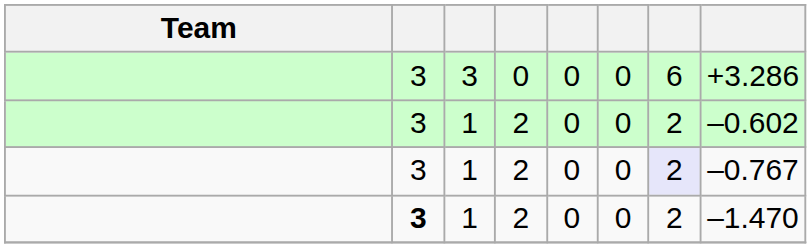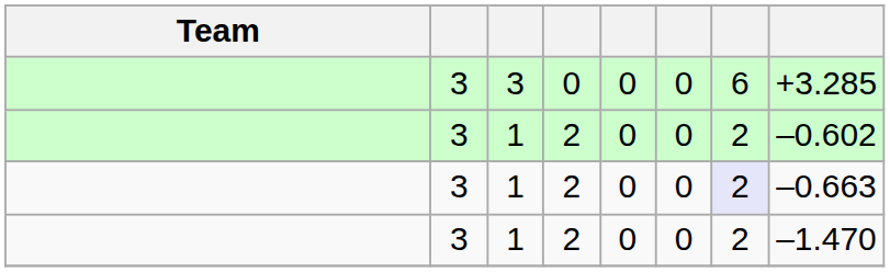 <table class="wikitable" style="text-align:center">
 <tr>
 <th width=200>Team</th>
 <th width=20></th>
 <th width=20></th>
 <th width=20></th>
 <th width=20></th>
 <th width=20></th>
 <th width=20></th>
 <th width=45></th>
 </tr>
 <tr style="background:#cfc">
 <td align="left"></td>
 <td>3</td>
 <td>3</td>
 <td>0</td>
 <td>0</td>
 <td>0</td>
 <td>6</td>
-<td>+3.286</td>
+<td>+3.285</td>
 </tr>
 <tr style="background:#cfc">
 <td align="left"></td>
 <td>3</td>
 <td>1</td>
 <td>2</td>
 <td>0</td>
 <td>0</td>
 <td>2</td>
 <td>–0.602</td>
 </tr>
 <tr>
 <td align="left"></td>
 <td>3</td>
 <td>1</td>
 <td>2</td>
 <td>0</td>
 <td>0</td>
 <td style="background: lavender;">2</td>
-<td>–0.767</td>
+<td>–0.663</td>
 </tr>
 <tr>
 <td align="left"></td>
-<td><strong>3</strong></td>
+<td>3</td>
 <td>1</td>
 <td>2</td>
 <td>0</td>
 <td>0</td>
 <td>2</td>
 <td>–1.470</td>
 </tr>
 <tr>
 </tr>
 </table>
